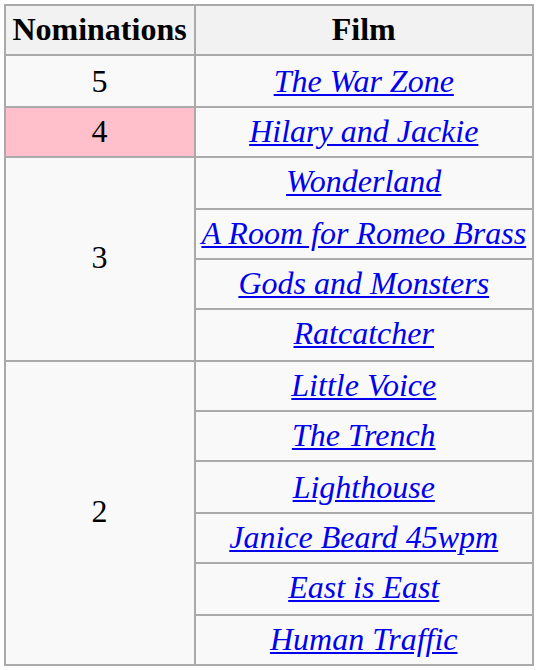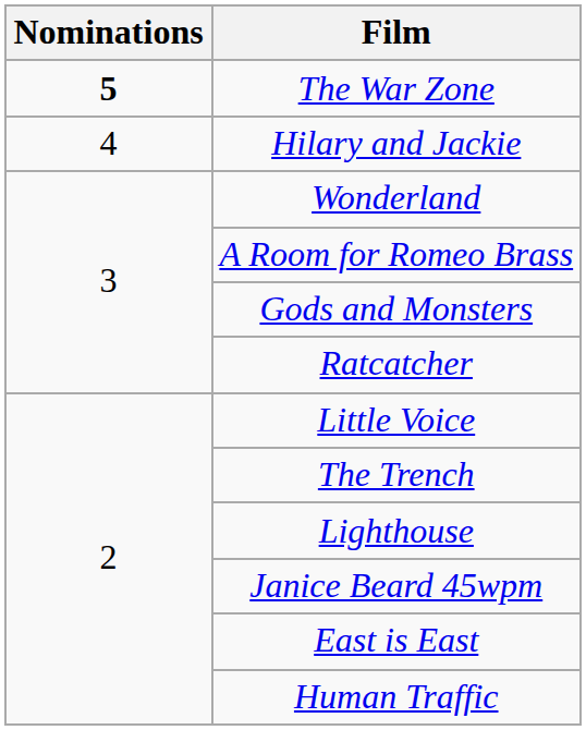 <table class="wikitable plainrowheaders" style="text-align:center;">
 <tr>
 <th scope="col" style="width:55px;">Nominations</th>
 <th scope="col" style="text-align:center;">Film</th>
 </tr>
 <tr>
-<td>5</td>
+<td><strong>5</strong></td>
 <td><em><a href='#'>The War Zone</a></em></td>
 </tr>
 <tr>
-<td style="background: pink;">4</td>
+<td>4</td>
 <td><em><a href='#'>Hilary and Jackie</a></em></td>
 </tr>
 <tr>
 <td rowspan="4">3</td>
 <td><a href='#'><em>Wonderland</em></a></td>
 </tr>
 <tr>
 <td><em><a href='#'>A Room for Romeo Brass</a></em></td>
 </tr>
 <tr>
 <td><em><a href='#'>Gods and Monsters</a></em></td>
 </tr>
 <tr>
 <td><em><a href='#'>Ratcatcher</a></em></td>
 </tr>
 <tr>
 <td rowspan="6">2</td>
 <td><em><a href='#'>Little Voice</a></em></td>
 </tr>
 <tr>
 <td><em><a href='#'>The Trench</a></em></td>
 </tr>
 <tr>
 <td><em><a href='#'>Lighthouse</a></em></td>
 </tr>
 <tr>
 <td><em><a href='#'>Janice Beard 45wpm</a></em></td>
 </tr>
 <tr>
 <td><em><a href='#'>East is East</a></em></td>
 </tr>
 <tr>
 <td><em><a href='#'>Human Traffic</a></em></td>
 </tr>
 </table>
